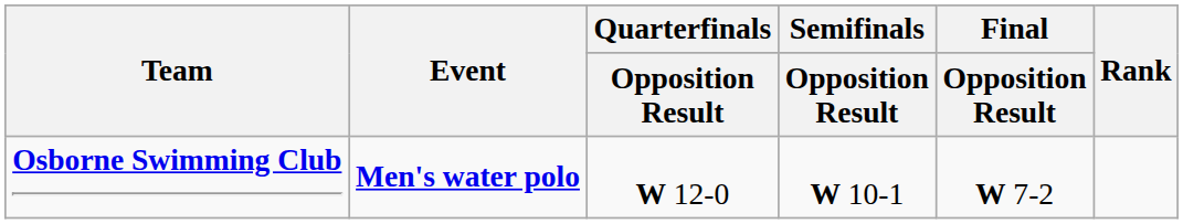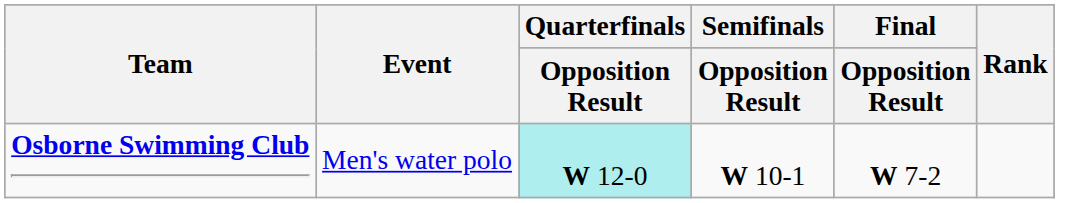 <table class=wikitable>
 <tr>
 <th rowspan=2>Team</th>
 <th rowspan=2>Event</th>
 <th>Quarterfinals</th>
 <th>Semifinals</th>
 <th>Final</th>
 <th rowspan=2>Rank</th>
 </tr>
 <tr>
 <th>Opposition <br> Result</th>
 <th>Opposition <br> Result</th>
 <th>Opposition <br> Result</th>
 </tr>
 <tr align=center>
 <td align=left><strong><a href='#'>Osborne Swimming Club</a> <hr> </strong></td>
-<td><strong><a href='#'>Men's water polo</a></strong></td>
-<td> <br> <strong>W</strong> 12-0</td>
+<td><a href='#'>Men's water polo</a></td>
+<td style="background: paleturquoise;"> <br> <strong>W</strong> 12-0</td>
 <td> <br> <strong>W</strong> 10-1</td>
 <td> <br> <strong>W</strong> 7-2</td>
 <td></td>
 </tr>
 </table>
